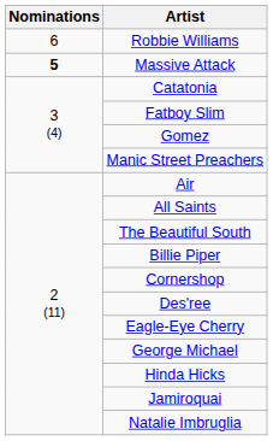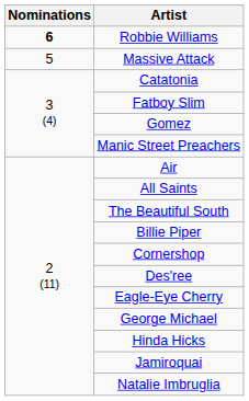 <table class="wikitable" rowspan="2" style="text-align:center;">
 <tr>
 <th scope="col" style="width:55px;">Nominations</th>
 <th scope="col" style="text-align:center;">Artist</th>
 </tr>
 <tr>
-<td>6</td>
+<td><strong>6</strong></td>
 <td><a href='#'>Robbie Williams</a></td>
 </tr>
 <tr>
-<td><strong>5</strong></td>
+<td>5</td>
 <td><a href='#'>Massive Attack</a></td>
 </tr>
 <tr>
 <td rowspan="4">3<br><small>(4)</small></td>
 <td><a href='#'>Catatonia</a></td>
 </tr>
 <tr>
 <td><a href='#'>Fatboy Slim</a></td>
 </tr>
 <tr>
 <td><a href='#'>Gomez</a></td>
 </tr>
 <tr>
 <td><a href='#'>Manic Street Preachers</a></td>
 </tr>
 <tr>
 <td rowspan="11">2<br><small>(11)</small></td>
 <td><a href='#'>Air</a></td>
 </tr>
 <tr>
 <td><a href='#'>All Saints</a></td>
 </tr>
 <tr>
 <td><a href='#'>The Beautiful South</a></td>
 </tr>
 <tr>
 <td><a href='#'>Billie Piper</a></td>
 </tr>
 <tr>
 <td><a href='#'>Cornershop</a></td>
 </tr>
 <tr>
 <td><a href='#'>Des'ree</a></td>
 </tr>
 <tr>
 <td><a href='#'>Eagle-Eye Cherry</a></td>
 </tr>
 <tr>
 <td><a href='#'>George Michael</a></td>
 </tr>
 <tr>
 <td><a href='#'>Hinda Hicks</a></td>
 </tr>
 <tr>
 <td><a href='#'>Jamiroquai</a></td>
 </tr>
 <tr>
 <td><a href='#'>Natalie Imbruglia</a></td>
 </tr>
 </table>
